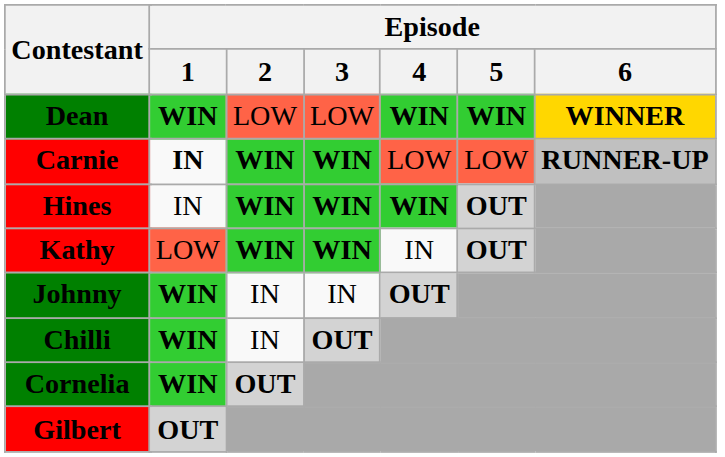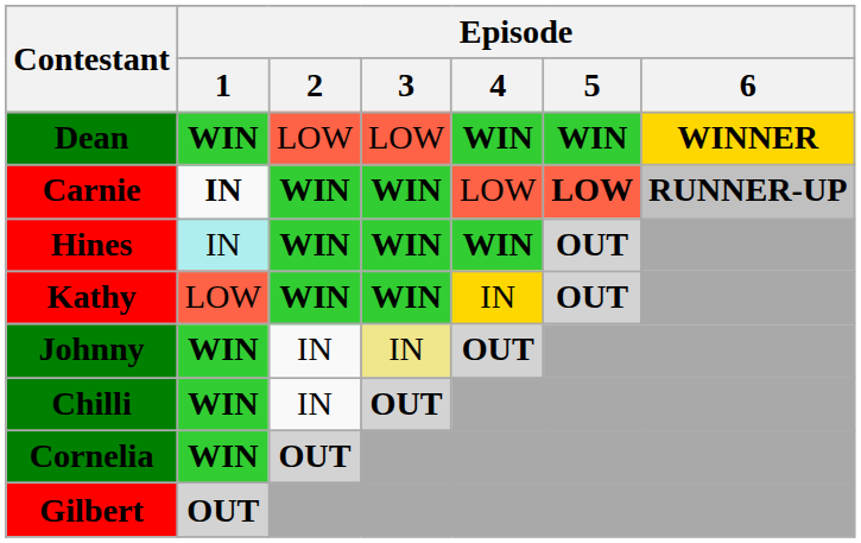 <table class="wikitable" style="text-align: center;">
 <tr>
 <th colspan="2" rowspan="2">Contestant</th>
 <th colspan="6">Episode</th>
 </tr>
 <tr>
 <th>1</th>
 <th>2</th>
 <th>3</th>
 <th>4</th>
 <th>5</th>
 <th>6</th>
 </tr>
 <tr align=center>
 <th colspan="2" style="background:green;">Dean</th>
 <td bgcolor="limegreen"><strong>WIN</strong></td>
 <td bgcolor="tomato">LOW</td>
 <td bgcolor="tomato">LOW</td>
 <td bgcolor="limegreen"><strong>WIN</strong></td>
 <td bgcolor="limegreen"><strong>WIN</strong></td>
 <td bgcolor="gold"><strong>WINNER</strong></td>
 </tr>
 <tr align=center>
 <th colspan="2" style="background:red;">Carnie</th>
 <td><strong>IN</strong></td>
 <td bgcolor="limegreen"><strong>WIN</strong></td>
 <td bgcolor="limegreen"><strong>WIN</strong></td>
 <td bgcolor="tomato">LOW</td>
-<td bgcolor="tomato">LOW</td>
+<td bgcolor="tomato"><strong>LOW</strong></td>
 <td bgcolor="silver"><strong>RUNNER-UP</strong></td>
 </tr>
 <tr align=center>
 <th colspan="2" style="background:red;">Hines</th>
-<td>IN</td>
+<td style="background: paleturquoise;">IN</td>
 <td bgcolor="limegreen"><strong>WIN</strong></td>
 <td bgcolor="limegreen"><strong>WIN</strong></td>
 <td bgcolor="limegreen"><strong>WIN</strong></td>
 <td bgcolor="lightgrey"><strong>OUT</strong></td>
 <td bgcolor="darkgray"></td>
 </tr>
 <tr align=center>
 <th colspan="2" style="background:red;">Kathy</th>
 <td bgcolor="tomato">LOW</td>
 <td bgcolor="limegreen"><strong>WIN</strong></td>
 <td bgcolor="limegreen"><strong>WIN</strong></td>
-<td>IN</td>
+<td style="background: gold;">IN</td>
 <td bgcolor="lightgrey"><strong>OUT</strong></td>
 <td bgcolor="darkgray"></td>
 </tr>
 <tr align=center>
 <th colspan="2" style="background:green;">Johnny</th>
 <td bgcolor="limegreen"><strong>WIN</strong></td>
 <td>IN</td>
-<td>IN</td>
+<td style="background: khaki;">IN</td>
 <td bgcolor="lightgrey"><strong>OUT</strong></td>
 <td bgcolor="darkgray" colspan=2></td>
 </tr>
 <tr align=center>
 <th colspan="2" style="background:green;">Chilli</th>
 <td bgcolor="limegreen"><strong>WIN</strong></td>
 <td>IN</td>
 <td bgcolor="lightgrey"><strong>OUT</strong></td>
 <td bgcolor="darkgray" colspan=3></td>
 </tr>
 <tr align=center>
 <th colspan="2" style="background:green;">Cornelia</th>
 <td bgcolor="limegreen"><strong>WIN</strong></td>
 <td bgcolor="lightgrey"><strong>OUT</strong></td>
 <td bgcolor="darkgray" colspan=4></td>
 </tr>
 <tr align=center>
 <th colspan="2" style="background:red;">Gilbert</th>
 <td bgcolor="lightgrey"><strong>OUT</strong></td>
 <td bgcolor="darkgray" colspan=5></td>
 </tr>
 </table>
